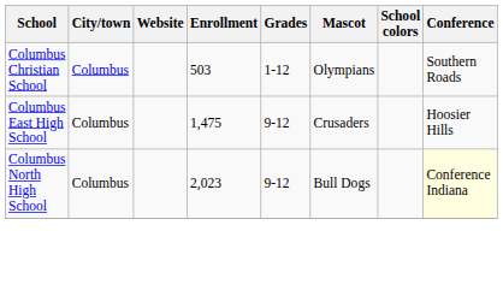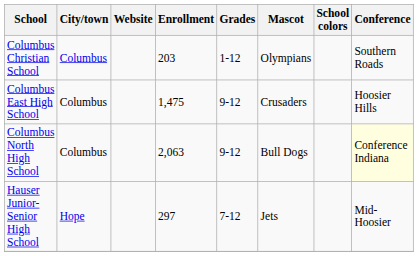 <table class="wikitable sortable" width="70%">
 <tr>
 <th width="20%">School</th>
 <th width="08%">City/town</th>
 <th width="06%">Website</th>
 <th width="04%">Enrollment</th>
 <th width="04%">Grades</th>
 <th width="04%">Mascot</th>
 <th width=01%>School colors</th>
 <th width="04%">Conference</th>
 </tr>
 <tr>
 <td><a href='#'>Columbus Christian School</a></td>
 <td><a href='#'>Columbus</a></td>
 <td></td>
-<td>503</td>
+<td>203</td>
 <td>1-12</td>
 <td>Olympians</td>
 <td> </td>
 <td>Southern Roads</td>
 </tr>
 <tr>
 <td><a href='#'>Columbus East High School</a></td>
 <td>Columbus</td>
 <td></td>
 <td>1,475</td>
 <td>9-12</td>
 <td>Crusaders</td>
 <td> </td>
 <td>Hoosier Hills</td>
 </tr>
 <tr>
 <td><a href='#'>Columbus North High School</a></td>
 <td>Columbus</td>
 <td></td>
-<td>2,023</td>
+<td>2,063</td>
 <td>9-12</td>
 <td>Bull Dogs</td>
 <td> </td>
 <td style="background: lightyellow;">Conference Indiana</td>
 </tr>
 <tr>
+<td><a href='#'>Hauser Junior-Senior High School</a></td>
+<td><a href='#'>Hope</a></td>
+<td></td>
+<td>297</td>
+<td>7-12</td>
+<td>Jets</td>
+<td> </td>
+<td>Mid-Hoosier</td>
+</tr>
+<tr>
 </tr>
 </table>
